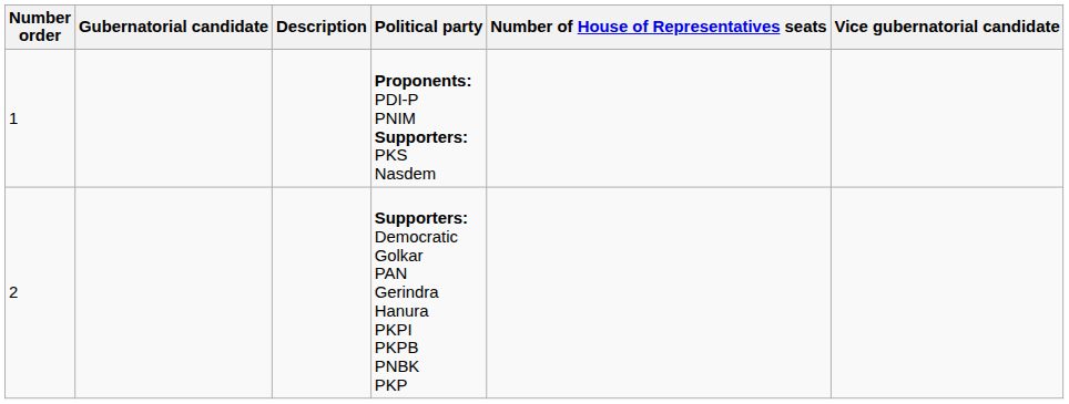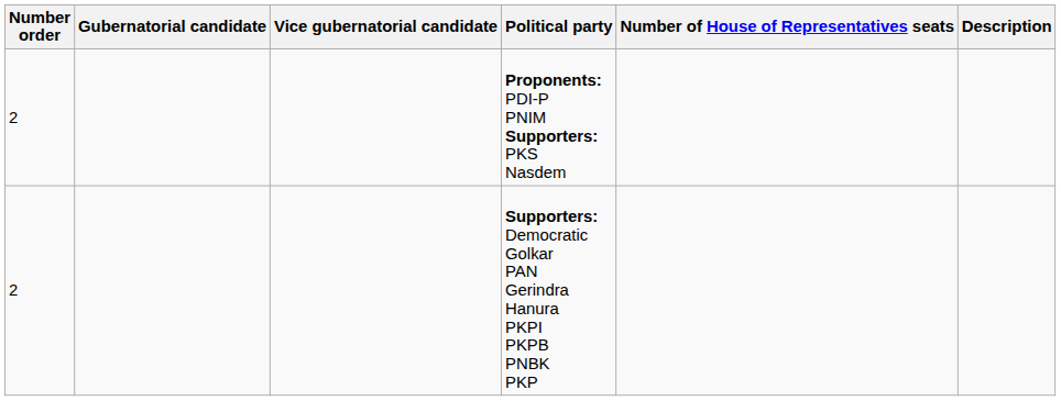 <table class="wikitable">
 <tr>
 <th>Number<br>order</th>
 <th>Gubernatorial candidate</th>
-<th>Description</th>
+<th>Vice gubernatorial candidate</th>
 <th>Political party</th>
 <th>Number of <a href='#'>House of Representatives</a> seats</th>
-<th>Vice gubernatorial candidate</th>
+<th>Description</th>
 </tr>
 <tr>
-<td>1</td>
+<td>2</td>
 <td></td>
 <td></td>
 <td><br><strong>Proponents:</strong><br>PDI-P<br>PNIM<br> <strong>Supporters:</strong><br>PKS<br>Nasdem</td>
 <td></td>
 <td></td>
 </tr>
 <tr>
 <td>2</td>
 <td></td>
 <td></td>
 <td><br><strong>Supporters:</strong><br>Democratic<br>Golkar<br>PAN<br>Gerindra<br>Hanura<br>PKPI<br>PKPB<br>PNBK<br>PKP</td>
 <td></td>
 <td></td>
 </tr>
 </table>
